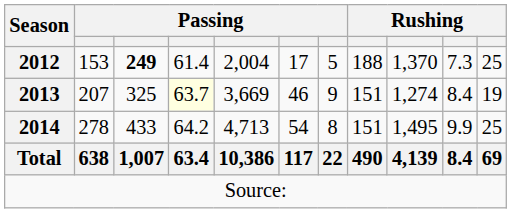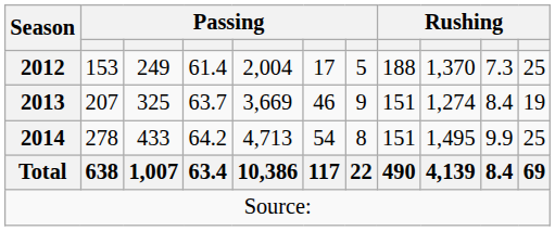 <table class="wikitable" style="text-align:center;">
 <tr>
 <th rowspan="2">Season</th>
 <th colspan="6">Passing</th>
 <th colspan="4">Rushing</th>
 </tr>
 <tr>
 <th></th>
 <th></th>
 <th></th>
 <th></th>
 <th></th>
 <th></th>
 <th></th>
 <th></th>
 <th></th>
 <th></th>
 </tr>
 <tr>
 <th>2012</th>
 <td>153</td>
-<td><strong>249</strong></td>
+<td>249</td>
 <td>61.4</td>
 <td>2,004</td>
 <td>17</td>
 <td>5</td>
 <td>188</td>
 <td>1,370</td>
 <td>7.3</td>
 <td>25</td>
 </tr>
 <tr>
 <th>2013</th>
 <td>207</td>
 <td>325</td>
-<td style="background: lightyellow;">63.7</td>
+<td>63.7</td>
 <td>3,669</td>
 <td>46</td>
 <td>9</td>
 <td>151</td>
 <td>1,274</td>
 <td>8.4</td>
 <td>19</td>
 </tr>
 <tr>
 <th>2014</th>
 <td>278</td>
 <td>433</td>
 <td>64.2</td>
 <td>4,713</td>
 <td>54</td>
 <td>8</td>
 <td>151</td>
 <td>1,495</td>
 <td>9.9</td>
 <td>25</td>
 </tr>
 <tr>
 <th>Total</th>
 <th>638</th>
 <th>1,007</th>
 <th>63.4</th>
 <th>10,386</th>
 <th>117</th>
 <th>22</th>
 <th>490</th>
 <th>4,139</th>
 <th>8.4</th>
 <th>69</th>
 </tr>
 <tr>
 <td colspan="11">Source:</td>
 </tr>
 </table>
